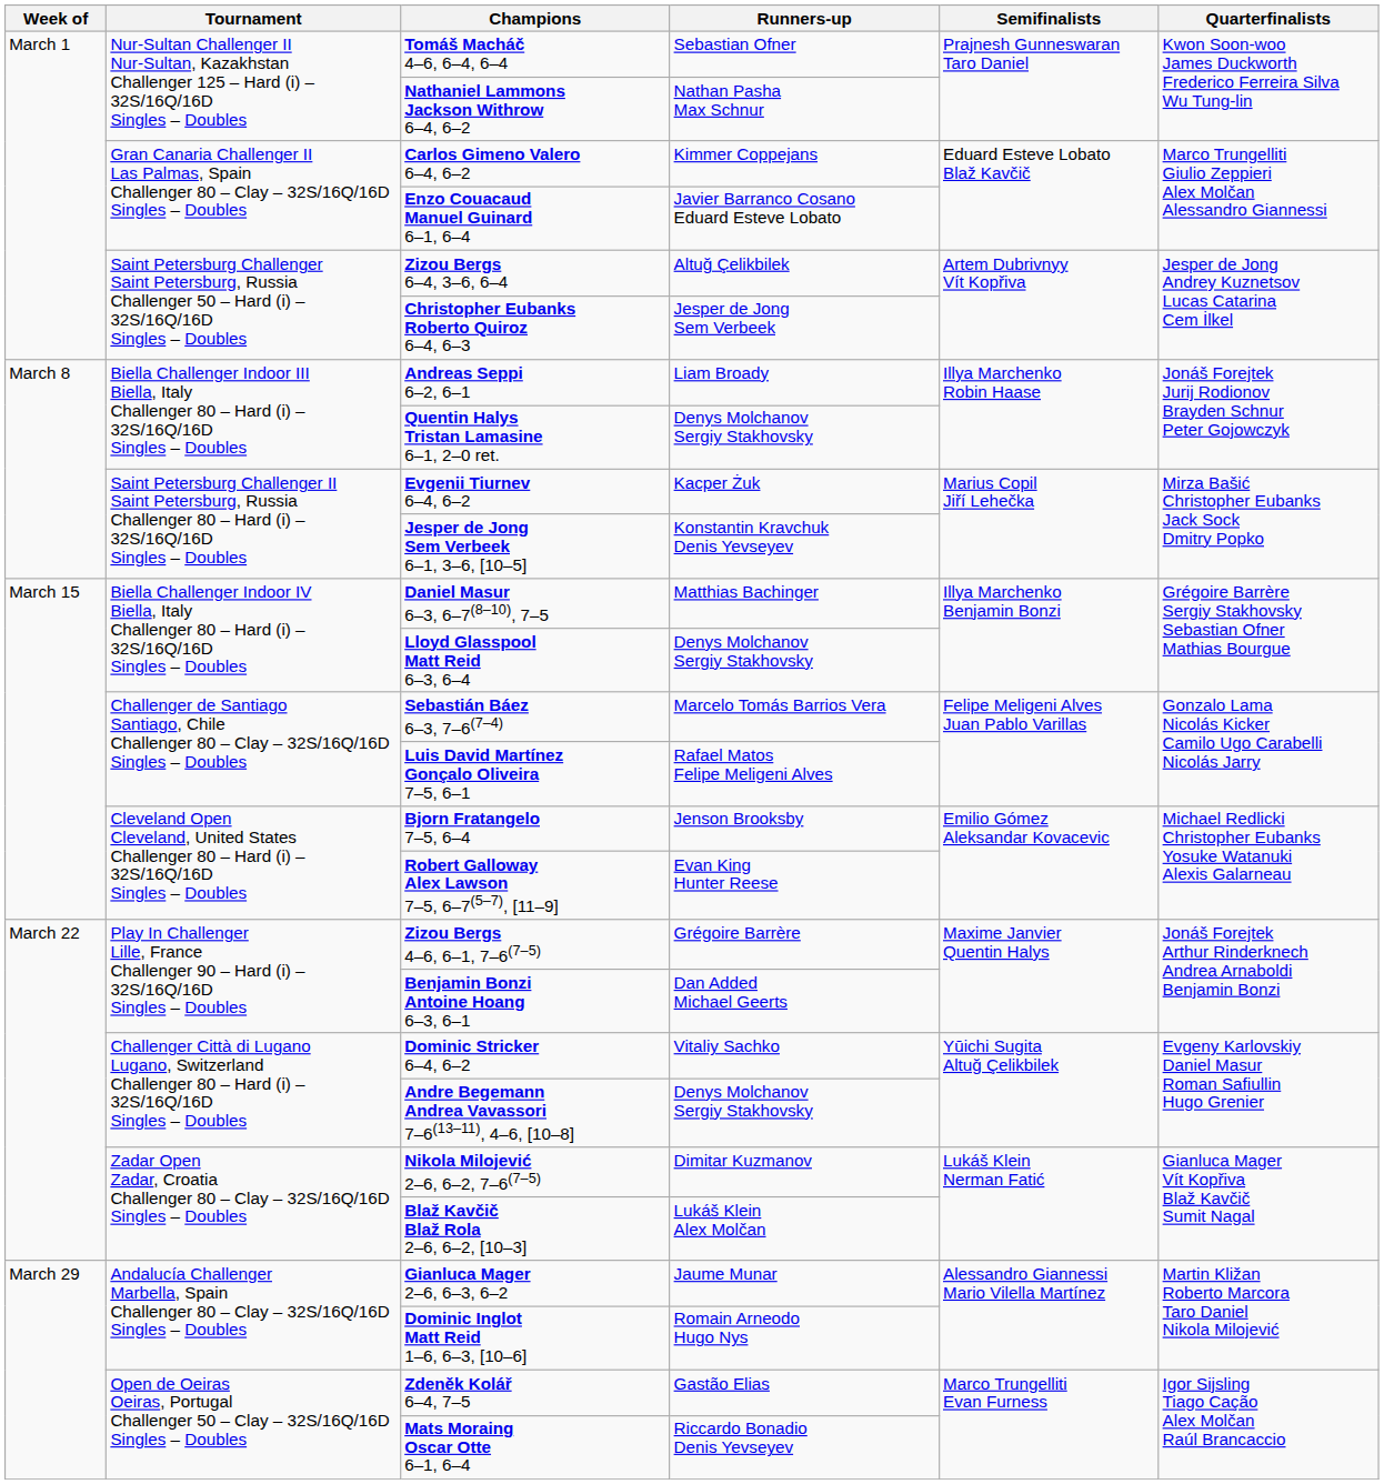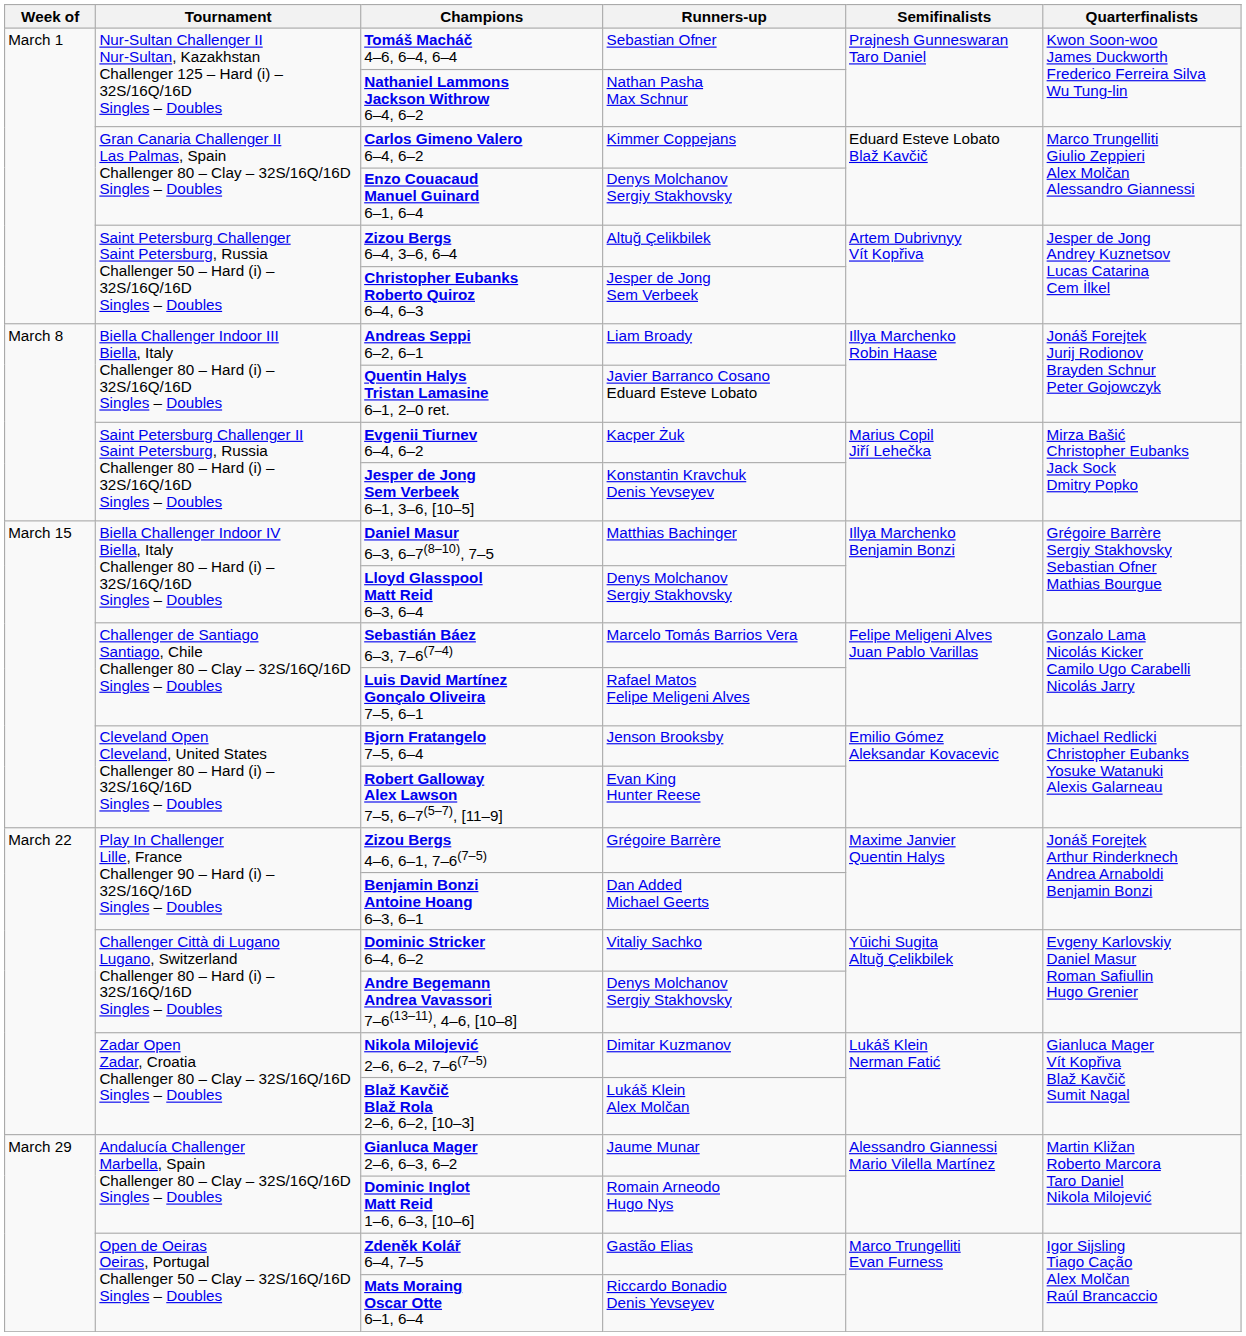 <table class="wikitable" style="font-size:85%;">
 <tr>
 <th width="75">Week of</th>
 <th width="230">Tournament</th>
 <th width="210">Champions</th>
 <th width="210">Runners-up</th>
 <th width="170">Semifinalists</th>
 <th width="170">Quarterfinalists</th>
 </tr>
 <tr valign=top>
 <td rowspan=6>March 1</td>
 <td rowspan=2><a href='#'>Nur-Sultan Challenger II</a><br><a href='#'>Nur-Sultan</a>, Kazakhstan <br> Challenger 125 – Hard (i) – 32S/16Q/16D<br><a href='#'>Singles</a> – <a href='#'>Doubles</a></td>
 <td> <strong><a href='#'>Tomáš Macháč</a></strong><br>4–6, 6–4, 6–4</td>
 <td> <a href='#'>Sebastian Ofner</a></td>
 <td rowspan=2> <a href='#'>Prajnesh Gunneswaran</a> <br>  <a href='#'>Taro Daniel</a></td>
 <td rowspan=2> <a href='#'>Kwon Soon-woo</a> <br> <a href='#'>James Duckworth</a> <br>  <a href='#'>Frederico Ferreira Silva</a> <br> <a href='#'>Wu Tung-lin</a></td>
 </tr>
 <tr valign=top>
 <td> <strong><a href='#'>Nathaniel Lammons</a></strong><br> <strong><a href='#'>Jackson Withrow</a></strong><br>6–4, 6–2</td>
 <td> <a href='#'>Nathan Pasha</a><br> <a href='#'>Max Schnur</a></td>
 </tr>
 <tr valign=top>
 <td rowspan=2><a href='#'>Gran Canaria Challenger II</a><br><a href='#'>Las Palmas</a>, Spain <br> Challenger 80 – Clay – 32S/16Q/16D<br><a href='#'>Singles</a> – <a href='#'>Doubles</a></td>
 <td> <strong><a href='#'>Carlos Gimeno Valero</a></strong><br>6–4, 6–2</td>
 <td> <a href='#'>Kimmer Coppejans</a></td>
 <td rowspan=2> Eduard Esteve Lobato <br>  <a href='#'>Blaž Kavčič</a></td>
 <td rowspan=2> <a href='#'>Marco Trungelliti</a> <br> <a href='#'>Giulio Zeppieri</a> <br> <a href='#'>Alex Molčan</a> <br>  <a href='#'>Alessandro Giannessi</a></td>
 </tr>
 <tr valign=top>
 <td> <strong><a href='#'>Enzo Couacaud</a></strong><br> <strong><a href='#'>Manuel Guinard</a></strong><br>6–1, 6–4</td>
-<td> <a href='#'>Javier Barranco Cosano</a><br> Eduard Esteve Lobato</td>
+<td> <a href='#'>Denys Molchanov</a><br> <a href='#'>Sergiy Stakhovsky</a></td>
 </tr>
 <tr valign=top>
 <td rowspan=2><a href='#'>Saint Petersburg Challenger</a><br><a href='#'>Saint Petersburg</a>, Russia <br> Challenger 50 – Hard (i) – 32S/16Q/16D<br><a href='#'>Singles</a> – <a href='#'>Doubles</a></td>
 <td> <strong><a href='#'>Zizou Bergs</a></strong><br>6–4, 3–6, 6–4</td>
 <td> <a href='#'>Altuğ Çelikbilek</a></td>
 <td rowspan=2> <a href='#'>Artem Dubrivnyy</a> <br>  <a href='#'>Vít Kopřiva</a></td>
 <td rowspan=2> <a href='#'>Jesper de Jong</a> <br> <a href='#'>Andrey Kuznetsov</a> <br>  <a href='#'>Lucas Catarina</a> <br>  <a href='#'>Cem İlkel</a></td>
 </tr>
 <tr valign=top>
 <td> <strong><a href='#'>Christopher Eubanks</a></strong><br> <strong><a href='#'>Roberto Quiroz</a></strong><br>6–4, 6–3</td>
 <td> <a href='#'>Jesper de Jong</a><br> <a href='#'>Sem Verbeek</a></td>
 </tr>
 <tr valign=top>
 <td rowspan=4>March 8</td>
 <td rowspan=2><a href='#'>Biella Challenger Indoor III</a><br><a href='#'>Biella</a>, Italy <br> Challenger 80 – Hard (i) – 32S/16Q/16D<br><a href='#'>Singles</a> – <a href='#'>Doubles</a></td>
 <td> <strong><a href='#'>Andreas Seppi</a></strong><br>6–2, 6–1</td>
 <td> <a href='#'>Liam Broady</a></td>
 <td rowspan=2> <a href='#'>Illya Marchenko</a> <br>  <a href='#'>Robin Haase</a></td>
 <td rowspan=2> <a href='#'>Jonáš Forejtek</a> <br> <a href='#'>Jurij Rodionov</a> <br>  <a href='#'>Brayden Schnur</a> <br>  <a href='#'>Peter Gojowczyk</a></td>
 </tr>
 <tr valign=top>
 <td> <strong><a href='#'>Quentin Halys</a></strong><br> <strong><a href='#'>Tristan Lamasine</a></strong><br>6–1, 2–0 ret.</td>
-<td> <a href='#'>Denys Molchanov</a><br> <a href='#'>Sergiy Stakhovsky</a></td>
+<td> <a href='#'>Javier Barranco Cosano</a><br> Eduard Esteve Lobato</td>
 </tr>
 <tr valign=top>
 <td rowspan=2><a href='#'>Saint Petersburg Challenger II</a><br><a href='#'>Saint Petersburg</a>, Russia <br> Challenger 80 – Hard (i) – 32S/16Q/16D<br><a href='#'>Singles</a> – <a href='#'>Doubles</a></td>
 <td> <strong><a href='#'>Evgenii Tiurnev</a></strong><br>6–4, 6–2</td>
 <td> <a href='#'>Kacper Żuk</a></td>
 <td rowspan=2> <a href='#'>Marius Copil</a> <br>  <a href='#'>Jiří Lehečka</a></td>
 <td rowspan=2> <a href='#'>Mirza Bašić</a> <br> <a href='#'>Christopher Eubanks</a> <br> <a href='#'>Jack Sock</a> <br>  <a href='#'>Dmitry Popko</a></td>
 </tr>
 <tr valign=top>
 <td> <strong><a href='#'>Jesper de Jong</a></strong><br> <strong><a href='#'>Sem Verbeek</a></strong><br>6–1, 3–6, [10–5]</td>
 <td> <a href='#'>Konstantin Kravchuk</a><br> <a href='#'>Denis Yevseyev</a></td>
 </tr>
 <tr valign=top>
 <td rowspan=6>March 15</td>
 <td rowspan=2><a href='#'>Biella Challenger Indoor IV</a><br><a href='#'>Biella</a>, Italy <br> Challenger 80 – Hard (i) – 32S/16Q/16D<br><a href='#'>Singles</a> – <a href='#'>Doubles</a></td>
 <td> <strong><a href='#'>Daniel Masur</a></strong><br>6–3, 6–7<sup>(8–10)</sup>, 7–5</td>
 <td> <a href='#'>Matthias Bachinger</a></td>
 <td rowspan=2> <a href='#'>Illya Marchenko</a> <br>  <a href='#'>Benjamin Bonzi</a></td>
 <td rowspan=2> <a href='#'>Grégoire Barrère</a> <br>  <a href='#'>Sergiy Stakhovsky</a> <br> <a href='#'>Sebastian Ofner</a> <br>  <a href='#'>Mathias Bourgue</a></td>
 </tr>
 <tr valign=top>
 <td> <strong><a href='#'>Lloyd Glasspool</a></strong><br> <strong><a href='#'>Matt Reid</a></strong><br>6–3, 6–4</td>
 <td> <a href='#'>Denys Molchanov</a><br> <a href='#'>Sergiy Stakhovsky</a></td>
 </tr>
 <tr valign=top>
 <td rowspan=2><a href='#'>Challenger de Santiago</a><br><a href='#'>Santiago</a>, Chile <br> Challenger 80 – Clay – 32S/16Q/16D<br><a href='#'>Singles</a> – <a href='#'>Doubles</a></td>
 <td> <strong><a href='#'>Sebastián Báez</a></strong><br>6–3, 7–6<sup>(7–4)</sup></td>
 <td> <a href='#'>Marcelo Tomás Barrios Vera</a></td>
 <td rowspan=2> <a href='#'>Felipe Meligeni Alves</a> <br>  <a href='#'>Juan Pablo Varillas</a></td>
 <td rowspan=2> <a href='#'>Gonzalo Lama</a> <br> <a href='#'>Nicolás Kicker</a> <br> <a href='#'>Camilo Ugo Carabelli</a> <br>  <a href='#'>Nicolás Jarry</a></td>
 </tr>
 <tr valign=top>
 <td> <strong><a href='#'>Luis David Martínez</a></strong><br> <strong><a href='#'>Gonçalo Oliveira</a></strong><br>7–5, 6–1</td>
 <td> <a href='#'>Rafael Matos</a><br> <a href='#'>Felipe Meligeni Alves</a></td>
 </tr>
 <tr valign=top>
 <td rowspan=2><a href='#'>Cleveland Open</a><br><a href='#'>Cleveland</a>, United States <br> Challenger 80 – Hard (i) – 32S/16Q/16D<br><a href='#'>Singles</a> – <a href='#'>Doubles</a></td>
 <td> <strong><a href='#'>Bjorn Fratangelo</a></strong><br>7–5, 6–4</td>
 <td> <a href='#'>Jenson Brooksby</a></td>
 <td rowspan=2> <a href='#'>Emilio Gómez</a> <br>  <a href='#'>Aleksandar Kovacevic</a></td>
 <td rowspan=2> <a href='#'>Michael Redlicki</a> <br>  <a href='#'>Christopher Eubanks</a> <br> <a href='#'>Yosuke Watanuki</a> <br>  <a href='#'>Alexis Galarneau</a></td>
 </tr>
 <tr valign=top>
 <td> <strong><a href='#'>Robert Galloway</a></strong><br> <strong><a href='#'>Alex Lawson</a></strong><br>7–5, 6–7<sup>(5–7)</sup>, [11–9]</td>
 <td> <a href='#'>Evan King</a><br> <a href='#'>Hunter Reese</a></td>
 </tr>
 <tr valign=top>
 <td rowspan=6>March 22</td>
 <td rowspan=2><a href='#'>Play In Challenger</a><br><a href='#'>Lille</a>, France <br> Challenger 90 – Hard (i) – 32S/16Q/16D<br><a href='#'>Singles</a> – <a href='#'>Doubles</a></td>
 <td> <strong><a href='#'>Zizou Bergs</a></strong><br>4–6, 6–1, 7–6<sup>(7–5)</sup></td>
 <td> <a href='#'>Grégoire Barrère</a></td>
 <td rowspan=2> <a href='#'>Maxime Janvier</a> <br>  <a href='#'>Quentin Halys</a></td>
 <td rowspan=2> <a href='#'>Jonáš Forejtek</a> <br> <a href='#'>Arthur Rinderknech</a> <br> <a href='#'>Andrea Arnaboldi</a> <br>  <a href='#'>Benjamin Bonzi</a></td>
 </tr>
 <tr valign=top>
 <td> <strong><a href='#'>Benjamin Bonzi</a></strong><br> <strong><a href='#'>Antoine Hoang</a></strong><br>6–3, 6–1</td>
 <td> <a href='#'>Dan Added</a><br> <a href='#'>Michael Geerts</a></td>
 </tr>
 <tr valign=top>
 <td rowspan=2><a href='#'>Challenger Città di Lugano</a><br><a href='#'>Lugano</a>, Switzerland <br> Challenger 80 – Hard (i) – 32S/16Q/16D<br><a href='#'>Singles</a> – <a href='#'>Doubles</a></td>
 <td> <strong><a href='#'>Dominic Stricker</a></strong><br>6–4, 6–2</td>
 <td> <a href='#'>Vitaliy Sachko</a></td>
 <td rowspan=2> <a href='#'>Yūichi Sugita</a> <br>  <a href='#'>Altuğ Çelikbilek</a></td>
 <td rowspan=2> <a href='#'>Evgeny Karlovskiy</a> <br>  <a href='#'>Daniel Masur</a> <br> <a href='#'>Roman Safiullin</a> <br>  <a href='#'>Hugo Grenier</a></td>
 </tr>
 <tr valign=top>
 <td> <strong><a href='#'>Andre Begemann</a></strong><br> <strong><a href='#'>Andrea Vavassori</a></strong><br>7–6<sup>(13–11)</sup>, 4–6, [10–8]</td>
 <td> <a href='#'>Denys Molchanov</a><br> <a href='#'>Sergiy Stakhovsky</a></td>
 </tr>
 <tr valign=top>
 <td rowspan=2><a href='#'>Zadar Open</a><br><a href='#'>Zadar</a>, Croatia <br> Challenger 80 – Clay – 32S/16Q/16D<br><a href='#'>Singles</a> – <a href='#'>Doubles</a></td>
 <td> <strong><a href='#'>Nikola Milojević</a></strong><br> 2–6, 6–2, 7–6<sup>(7–5)</sup></td>
 <td> <a href='#'>Dimitar Kuzmanov</a></td>
 <td rowspan=2> <a href='#'>Lukáš Klein</a> <br>  <a href='#'>Nerman Fatić</a></td>
 <td rowspan=2> <a href='#'>Gianluca Mager</a> <br> <a href='#'>Vít Kopřiva</a> <br> <a href='#'>Blaž Kavčič</a> <br>  <a href='#'>Sumit Nagal</a></td>
 </tr>
 <tr valign=top>
 <td> <strong><a href='#'>Blaž Kavčič</a></strong><br> <strong><a href='#'>Blaž Rola</a></strong><br>2–6, 6–2, [10–3]</td>
 <td> <a href='#'>Lukáš Klein</a><br> <a href='#'>Alex Molčan</a></td>
 </tr>
 <tr valign=top>
 <td rowspan=4>March 29</td>
 <td rowspan=2><a href='#'>Andalucía Challenger</a><br><a href='#'>Marbella</a>, Spain <br> Challenger 80 – Clay – 32S/16Q/16D<br><a href='#'>Singles</a> – <a href='#'>Doubles</a></td>
 <td> <strong><a href='#'>Gianluca Mager</a></strong><br>2–6, 6–3, 6–2</td>
 <td> <a href='#'>Jaume Munar</a></td>
 <td rowspan=2> <a href='#'>Alessandro Giannessi</a> <br>  <a href='#'>Mario Vilella Martínez</a></td>
 <td rowspan=2> <a href='#'>Martin Kližan</a> <br> <a href='#'>Roberto Marcora</a> <br> <a href='#'>Taro Daniel</a> <br>  <a href='#'>Nikola Milojević</a></td>
 </tr>
 <tr valign=top>
 <td> <strong><a href='#'>Dominic Inglot</a></strong><br> <strong><a href='#'>Matt Reid</a></strong><br>1–6, 6–3, [10–6]</td>
 <td> <a href='#'>Romain Arneodo</a><br> <a href='#'>Hugo Nys</a></td>
 </tr>
 <tr valign=top>
 <td rowspan=2><a href='#'>Open de Oeiras</a><br><a href='#'>Oeiras</a>, Portugal <br> Challenger 50 – Clay – 32S/16Q/16D<br><a href='#'>Singles</a> – <a href='#'>Doubles</a></td>
 <td> <strong><a href='#'>Zdeněk Kolář</a></strong><br>6–4, 7–5</td>
 <td> <a href='#'>Gastão Elias</a></td>
 <td rowspan=2> <a href='#'>Marco Trungelliti</a> <br>  <a href='#'>Evan Furness</a></td>
 <td rowspan=2> <a href='#'>Igor Sijsling</a> <br> <a href='#'>Tiago Cação</a> <br> <a href='#'>Alex Molčan</a> <br>  <a href='#'>Raúl Brancaccio</a></td>
 </tr>
 <tr valign=top>
 <td> <strong><a href='#'>Mats Moraing</a></strong><br> <strong><a href='#'>Oscar Otte</a></strong><br>6–1, 6–4</td>
 <td> <a href='#'>Riccardo Bonadio</a><br> <a href='#'>Denis Yevseyev</a></td>
 </tr>
 </table>
